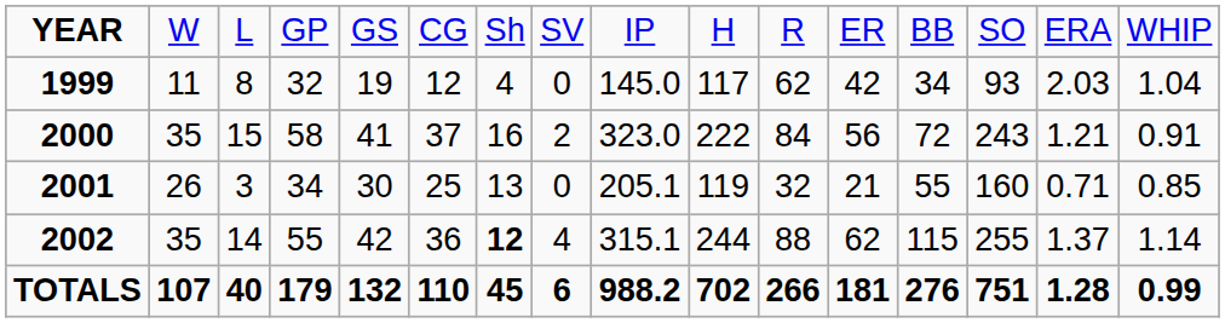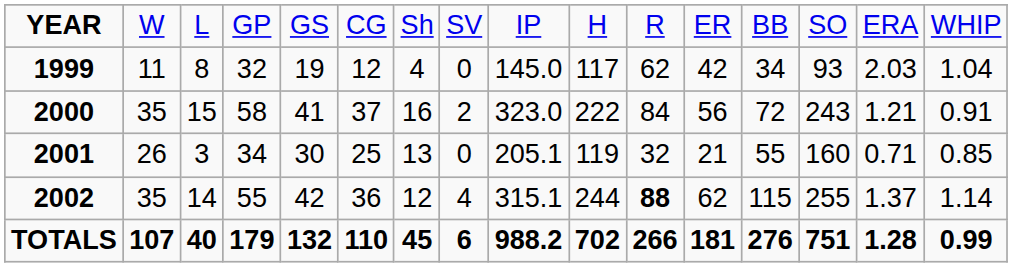 <table class="wikitable" style="text-align:center;">
 <tr>
 <td><strong>YEAR</strong></td>
 <td><a href='#'>W</a></td>
 <td><a href='#'>L</a></td>
 <td><a href='#'>GP</a></td>
 <td><a href='#'>GS</a></td>
 <td><a href='#'>CG</a></td>
 <td><a href='#'>Sh</a></td>
 <td><a href='#'>SV</a></td>
 <td><a href='#'>IP</a></td>
 <td><a href='#'>H</a></td>
 <td><a href='#'>R</a></td>
 <td><a href='#'>ER</a></td>
 <td><a href='#'>BB</a></td>
 <td><a href='#'>SO</a></td>
 <td><a href='#'>ERA</a></td>
 <td><a href='#'>WHIP</a></td>
 </tr>
 <tr>
 <td><strong>1999</strong></td>
 <td>11</td>
 <td>8</td>
 <td>32</td>
 <td>19</td>
 <td>12</td>
 <td>4</td>
 <td>0</td>
 <td>145.0</td>
 <td>117</td>
 <td>62</td>
 <td>42</td>
 <td>34</td>
 <td>93</td>
 <td>2.03</td>
 <td>1.04</td>
 </tr>
 <tr>
 <td><strong>2000</strong></td>
 <td>35</td>
 <td>15</td>
 <td>58</td>
 <td>41</td>
 <td>37</td>
 <td>16</td>
 <td>2</td>
 <td>323.0</td>
 <td>222</td>
 <td>84</td>
 <td>56</td>
 <td>72</td>
 <td>243</td>
 <td>1.21</td>
 <td>0.91</td>
 </tr>
 <tr>
 <td><strong>2001</strong></td>
 <td>26</td>
 <td>3</td>
 <td>34</td>
 <td>30</td>
 <td>25</td>
 <td>13</td>
 <td>0</td>
 <td>205.1</td>
 <td>119</td>
 <td>32</td>
 <td>21</td>
 <td>55</td>
 <td>160</td>
 <td>0.71</td>
 <td>0.85</td>
 </tr>
 <tr>
 <td><strong>2002</strong></td>
 <td>35</td>
 <td>14</td>
 <td>55</td>
 <td>42</td>
 <td>36</td>
-<td><strong>12</strong></td>
+<td>12</td>
 <td>4</td>
 <td>315.1</td>
 <td>244</td>
-<td>88</td>
+<td><strong>88</strong></td>
 <td>62</td>
 <td>115</td>
 <td>255</td>
 <td>1.37</td>
 <td>1.14</td>
 </tr>
 <tr>
 <td><strong>TOTALS</strong></td>
 <td><strong>107</strong></td>
 <td><strong>40</strong></td>
 <td><strong>179</strong></td>
 <td><strong>132</strong></td>
 <td><strong>110</strong></td>
 <td><strong>45</strong></td>
 <td><strong>6</strong></td>
 <td><strong>988.2</strong></td>
 <td><strong>702</strong></td>
 <td><strong>266</strong></td>
 <td><strong>181</strong></td>
 <td><strong>276</strong></td>
 <td><strong>751</strong></td>
 <td><strong>1.28</strong></td>
 <td><strong>0.99</strong></td>
 </tr>
 </table>
